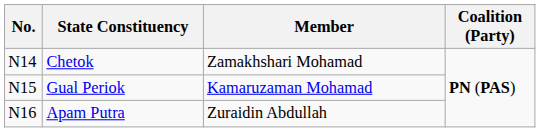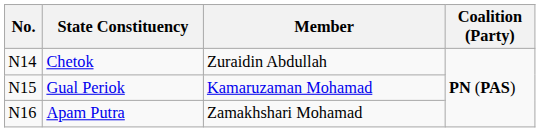 <table class="wikitable">
 <tr>
 <th width="30">No.</th>
 <th width="150">State Constituency</th>
 <th width="230">Member</th>
 <th width="80">Coalition (Party)</th>
 </tr>
 <tr>
 <td>N14</td>
 <td><a href='#'>Chetok</a></td>
-<td>Zamakhshari Mohamad</td>
+<td>Zuraidin Abdullah</td>
 <td rowspan=3 style="background:"><strong>PN</strong> (<strong>PAS</strong>)</td>
 </tr>
 <tr>
 <td>N15</td>
 <td><a href='#'>Gual Periok</a></td>
 <td><a href='#'>Kamaruzaman Mohamad</a></td>
 </tr>
 <tr>
 <td>N16</td>
 <td><a href='#'>Apam Putra</a></td>
-<td>Zuraidin Abdullah</td>
+<td>Zamakhshari Mohamad</td>
 </tr>
 </table>
